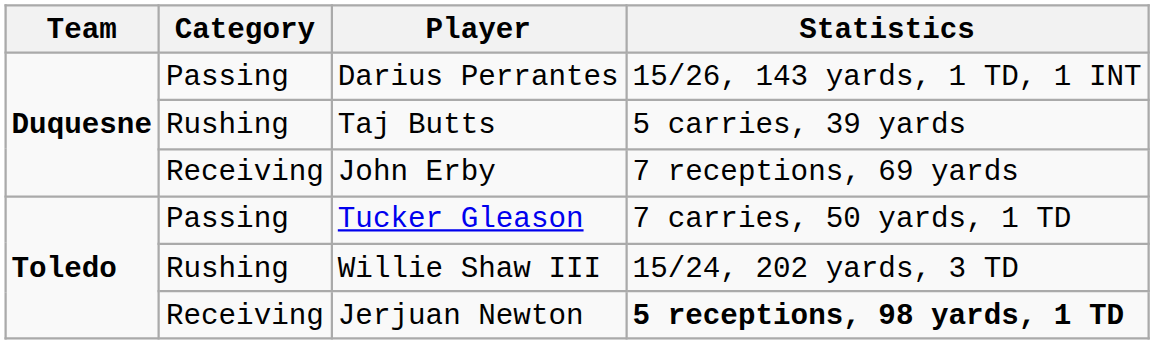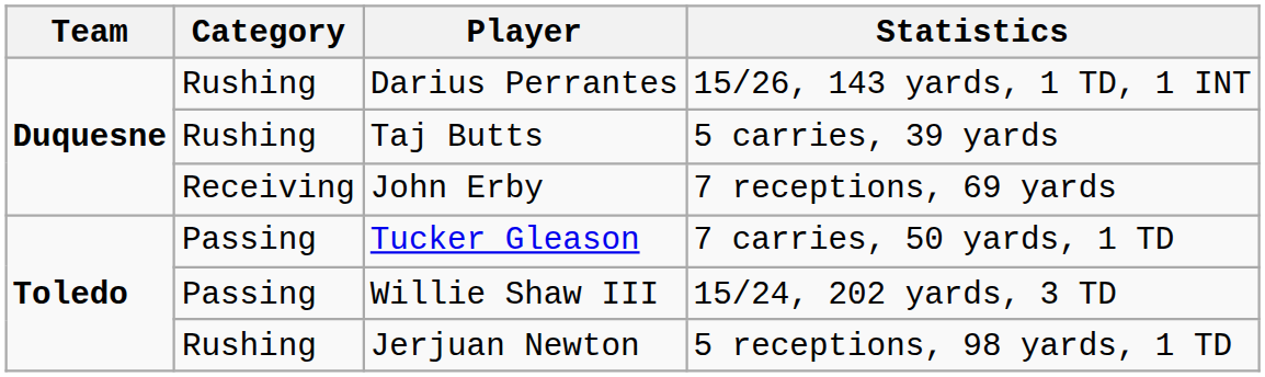 <table class="wikitable" style="float: right;">
 <tr>
 <th>Team</th>
 <th>Category</th>
 <th>Player</th>
 <th>Statistics</th>
 </tr>
 <tr>
 <td rowspan=3><strong>Duquesne</strong></td>
-<td>Passing</td>
+<td>Rushing</td>
 <td>Darius Perrantes</td>
 <td>15/26, 143 yards, 1 TD, 1 INT</td>
 </tr>
 <tr>
 <td>Rushing</td>
 <td>Taj Butts</td>
 <td>5 carries, 39 yards</td>
 </tr>
 <tr>
 <td>Receiving</td>
 <td>John Erby</td>
 <td>7 receptions, 69 yards</td>
 </tr>
 <tr>
 <td rowspan=3><strong>Toledo</strong></td>
 <td>Passing</td>
 <td><a href='#'>Tucker Gleason</a></td>
 <td>7 carries, 50 yards, 1 TD</td>
 </tr>
 <tr>
-<td>Rushing</td>
+<td>Passing</td>
 <td>Willie Shaw III</td>
 <td>15/24, 202 yards, 3 TD</td>
 </tr>
 <tr>
-<td>Receiving</td>
+<td>Rushing</td>
 <td>Jerjuan Newton</td>
-<td><strong>5 receptions, 98 yards, 1 TD</strong></td>
+<td>5 receptions, 98 yards, 1 TD</td>
 </tr>
 </table>
